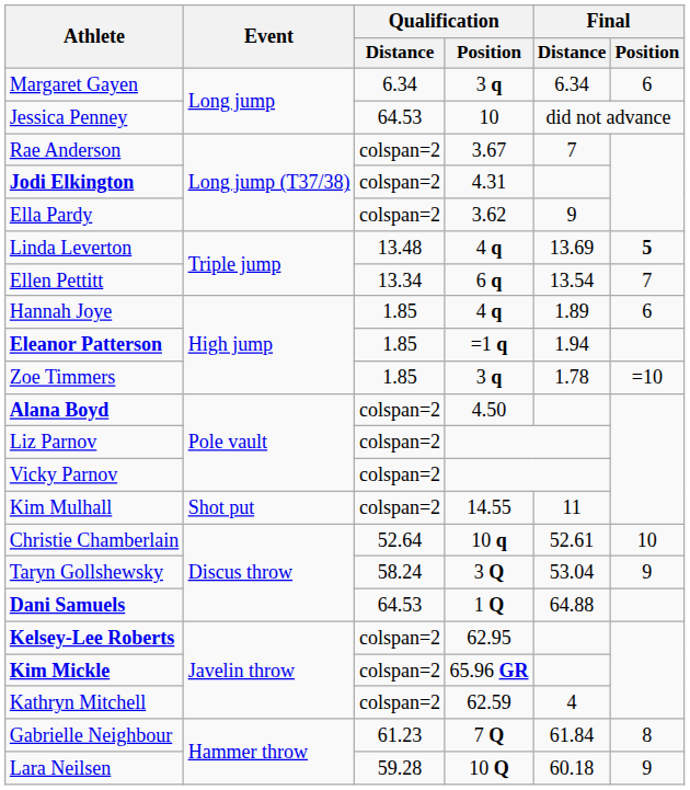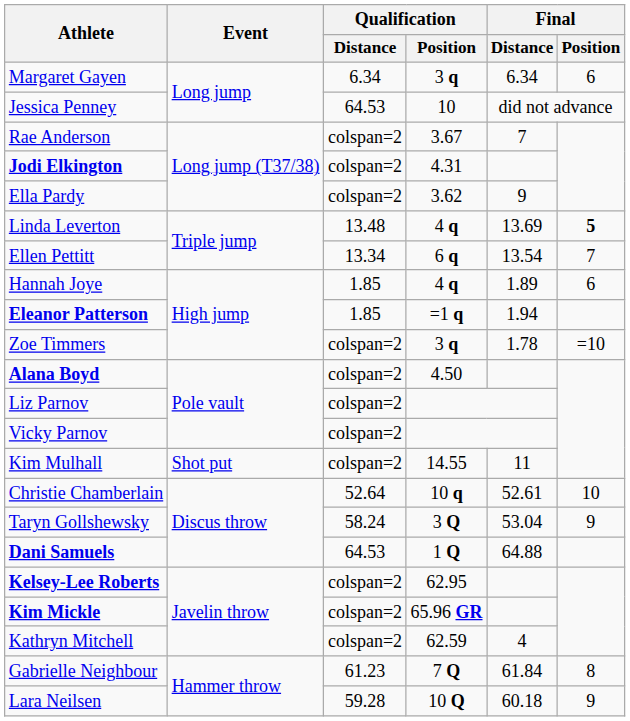 <table class=wikitable style="font-size:90%">
 <tr>
 <th rowspan=2>Athlete</th>
 <th rowspan=2>Event</th>
 <th colspan=2>Qualification</th>
 <th colspan=2>Final</th>
 </tr>
 <tr style="font-size:95%">
 <th>Distance</th>
 <th>Position</th>
 <th>Distance</th>
 <th>Position</th>
 </tr>
 <tr align=center>
 <td align=left><a href='#'>Margaret Gayen</a></td>
 <td align=left rowspan=2><a href='#'>Long jump</a></td>
 <td>6.34</td>
 <td>3 <strong>q</strong></td>
 <td>6.34</td>
 <td>6</td>
 </tr>
 <tr align=center>
 <td align=left><a href='#'>Jessica Penney</a></td>
 <td>64.53</td>
 <td>10</td>
 <td colspan=2>did not advance</td>
 </tr>
 <tr align=center>
 <td align=left><a href='#'>Rae Anderson</a></td>
 <td align=left rowspan=3><a href='#'>Long jump (T37/38)</a></td>
 <td>colspan=2 </td>
 <td>3.67</td>
 <td>7</td>
 </tr>
 <tr align=center>
 <td align=left><strong><a href='#'>Jodi Elkington</a></strong></td>
 <td>colspan=2 </td>
 <td>4.31</td>
 <td></td>
 </tr>
 <tr align=center>
 <td align=left><a href='#'>Ella Pardy</a></td>
 <td>colspan=2 </td>
 <td>3.62</td>
 <td>9</td>
 </tr>
 <tr align=center>
 <td align=left><a href='#'>Linda Leverton</a></td>
 <td align=left rowspan=2><a href='#'>Triple jump</a></td>
 <td>13.48</td>
 <td>4 <strong>q</strong></td>
 <td>13.69</td>
 <td><strong>5</strong></td>
 </tr>
 <tr align=center>
 <td align=left><a href='#'>Ellen Pettitt</a></td>
 <td>13.34</td>
 <td>6 <strong>q</strong></td>
 <td>13.54</td>
 <td>7</td>
 </tr>
 <tr align=center>
 <td align=left><a href='#'>Hannah Joye</a></td>
 <td align=left rowspan=3><a href='#'>High jump</a></td>
 <td>1.85</td>
 <td>4 <strong>q</strong></td>
 <td>1.89</td>
 <td>6</td>
 </tr>
 <tr align=center>
 <td align=left><strong><a href='#'>Eleanor Patterson</a></strong></td>
 <td>1.85</td>
 <td>=1 <strong>q</strong></td>
 <td>1.94</td>
 <td></td>
 </tr>
 <tr align=center>
 <td align=left><a href='#'>Zoe Timmers</a></td>
-<td>1.85</td>
+<td>colspan=2 </td>
 <td>3 <strong>q</strong></td>
 <td>1.78</td>
 <td>=10</td>
 </tr>
 <tr align=center>
 <td align=left><strong><a href='#'>Alana Boyd</a></strong></td>
 <td align=left rowspan=3><a href='#'>Pole vault</a></td>
 <td>colspan=2 </td>
 <td>4.50</td>
 <td></td>
 </tr>
 <tr align=center>
 <td align=left><a href='#'>Liz Parnov</a></td>
 <td>colspan=2 </td>
 <td colspan=2></td>
 </tr>
 <tr align=center>
 <td align=left><a href='#'>Vicky Parnov</a></td>
 <td>colspan=2 </td>
 <td colspan=2></td>
 </tr>
 <tr align=center>
 <td align=left><a href='#'>Kim Mulhall</a></td>
 <td align=left rowspan=1><a href='#'>Shot put</a></td>
 <td>colspan=2 </td>
 <td>14.55</td>
 <td>11</td>
 </tr>
 <tr align=center>
 <td align=left><a href='#'>Christie Chamberlain</a></td>
 <td align=left rowspan=3><a href='#'>Discus throw</a></td>
 <td>52.64</td>
 <td>10 <strong>q</strong></td>
 <td>52.61</td>
 <td>10</td>
 </tr>
 <tr align=center>
 <td align=left><a href='#'>Taryn Gollshewsky</a></td>
 <td>58.24</td>
 <td>3 <strong>Q</strong></td>
 <td>53.04</td>
 <td>9</td>
 </tr>
 <tr align=center>
 <td align=left><strong><a href='#'>Dani Samuels</a></strong></td>
 <td>64.53</td>
 <td>1 <strong>Q</strong></td>
 <td>64.88</td>
 <td></td>
 </tr>
 <tr align=center>
 <td align=left><strong><a href='#'>Kelsey-Lee Roberts</a></strong></td>
 <td align=left rowspan=3><a href='#'>Javelin throw</a></td>
 <td>colspan=2 </td>
 <td>62.95</td>
 <td></td>
 </tr>
 <tr align=center>
 <td align=left><strong><a href='#'>Kim Mickle</a></strong></td>
 <td>colspan=2 </td>
 <td>65.96 <a href='#'><strong>GR</strong></a></td>
 <td></td>
 </tr>
 <tr align=center>
 <td align=left><a href='#'>Kathryn Mitchell</a></td>
 <td>colspan=2 </td>
 <td>62.59</td>
 <td>4</td>
 </tr>
 <tr align=center>
 <td align=left><a href='#'>Gabrielle Neighbour</a></td>
 <td align=left rowspan=2><a href='#'>Hammer throw</a></td>
 <td>61.23</td>
 <td>7 <strong>Q</strong></td>
 <td>61.84</td>
 <td>8</td>
 </tr>
 <tr align=center>
 <td align=left><a href='#'>Lara Neilsen</a></td>
 <td>59.28</td>
 <td>10 <strong>Q</strong></td>
 <td>60.18</td>
 <td>9</td>
 </tr>
 </table>
